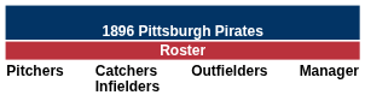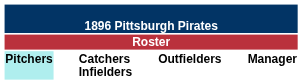 <table class="toccolours" style="font-size: 95%;">
 <tr>
 <th colspan="10" style="background-color: #023465; color: #FFFFFF; text-align: center;"><br>1896 Pittsburgh Pirates</th>
 </tr>
 <tr>
 <td colspan="10" style="background-color: #ba313c; color: white; text-align: center;"><strong>Roster</strong></td>
 </tr>
 <tr>
-<td valign="top"><strong>Pitchers</strong><br>      </td>
+<td valign="top" style="background: paleturquoise;"><strong>Pitchers</strong><br>      </td>
 <td width="25px"></td>
 <td valign="top"><strong>Catchers</strong><br>   <strong>Infielders</strong>           </td>
 <td width="25px"></td>
 <td valign="top"><strong>Outfielders</strong><br>   </td>
 <td width="25px"></td>
 <td valign="top"><strong>Manager</strong><br></td>
 </tr>
 </table>
